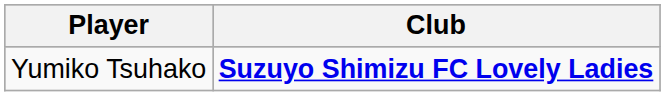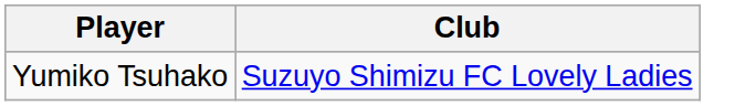 <table class="wikitable">
 <tr>
 <th>Player</th>
 <th>Club</th>
 </tr>
 <tr>
 <td> Yumiko Tsuhako</td>
-<td><strong><a href='#'>Suzuyo Shimizu FC Lovely Ladies</a></strong></td>
+<td><a href='#'>Suzuyo Shimizu FC Lovely Ladies</a></td>
 </tr>
 </table>
